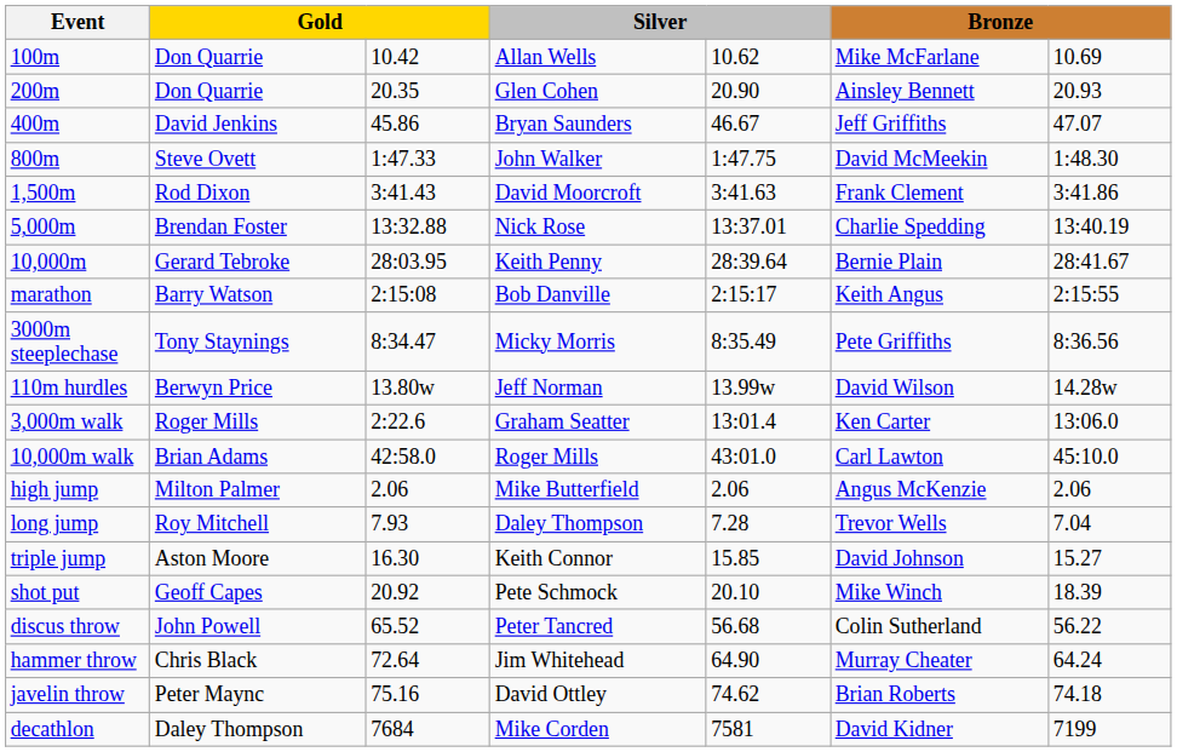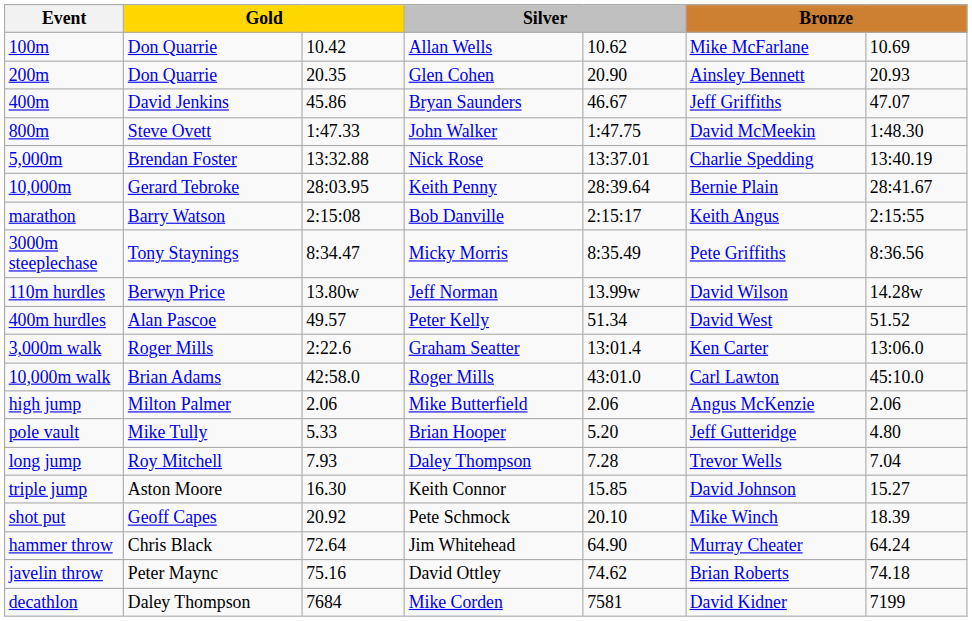 <table class="wikitable" style="text-align:left">
 <tr>
 <th width=100>Event</th>
 <th colspan="2" width="280" style="background:gold;">Gold</th>
 <th colspan="2" width="280" style="background:silver;">Silver</th>
 <th colspan="2" width="280" style="background:#CD7F32;">Bronze</th>
 </tr>
 <tr>
 <td><a href='#'>100m</a></td>
 <td> <a href='#'>Don Quarrie</a></td>
 <td>10.42</td>
 <td> <a href='#'>Allan Wells</a></td>
 <td>10.62</td>
 <td><a href='#'>Mike McFarlane</a></td>
 <td>10.69</td>
 </tr>
 <tr>
 <td><a href='#'>200m</a></td>
 <td> <a href='#'>Don Quarrie</a></td>
 <td>20.35</td>
 <td><a href='#'>Glen Cohen</a></td>
 <td>20.90</td>
 <td><a href='#'>Ainsley Bennett</a></td>
 <td>20.93</td>
 </tr>
 <tr>
 <td><a href='#'>400m</a></td>
 <td> <a href='#'>David Jenkins</a></td>
 <td>45.86</td>
 <td> <a href='#'>Bryan Saunders</a></td>
 <td>46.67</td>
 <td><a href='#'>Jeff Griffiths</a></td>
 <td>47.07</td>
 </tr>
 <tr>
 <td><a href='#'>800m</a></td>
 <td><a href='#'>Steve Ovett</a></td>
 <td>1:47.33</td>
 <td> <a href='#'>John Walker</a></td>
 <td>1:47.75</td>
 <td> <a href='#'>David McMeekin</a></td>
 <td>1:48.30</td>
-</tr>
-<tr>
-<td><a href='#'>1,500m</a></td>
-<td> <a href='#'>Rod Dixon</a></td>
-<td>3:41.43</td>
-<td><a href='#'>David Moorcroft</a></td>
-<td>3:41.63</td>
-<td> <a href='#'>Frank Clement</a></td>
-<td>3:41.86</td>
 </tr>
 <tr>
 <td><a href='#'>5,000m</a></td>
 <td><a href='#'>Brendan Foster</a></td>
 <td>13:32.88</td>
 <td><a href='#'>Nick Rose</a></td>
 <td>13:37.01</td>
 <td><a href='#'>Charlie Spedding</a></td>
 <td>13:40.19</td>
 </tr>
 <tr>
 <td><a href='#'>10,000m</a></td>
 <td> <a href='#'>Gerard Tebroke</a></td>
 <td>28:03.95</td>
 <td><a href='#'>Keith Penny</a></td>
 <td>28:39.64</td>
 <td><a href='#'>Bernie Plain</a></td>
 <td>28:41.67</td>
 </tr>
 <tr>
 <td><a href='#'>marathon</a></td>
 <td><a href='#'>Barry Watson</a></td>
 <td>2:15:08</td>
 <td><a href='#'>Bob Danville</a></td>
 <td>2:15:17</td>
 <td><a href='#'>Keith Angus</a></td>
 <td>2:15:55</td>
 </tr>
 <tr>
 <td><a href='#'>3000m steeplechase</a></td>
 <td><a href='#'>Tony Staynings</a></td>
 <td>8:34.47</td>
 <td> <a href='#'>Micky Morris</a></td>
 <td>8:35.49</td>
 <td><a href='#'>Pete Griffiths</a></td>
 <td>8:36.56</td>
 </tr>
 <tr>
 <td><a href='#'>110m hurdles</a></td>
 <td> <a href='#'>Berwyn Price</a></td>
 <td>13.80w</td>
 <td><a href='#'>Jeff Norman</a></td>
 <td>13.99w</td>
 <td> <a href='#'>David Wilson</a></td>
 <td>14.28w</td>
 </tr>
 <tr>
+<td><a href='#'>400m hurdles</a></td>
+<td><a href='#'>Alan Pascoe</a></td>
+<td>49.57</td>
+<td><a href='#'>Peter Kelly</a></td>
+<td>51.34</td>
+<td><a href='#'>David West</a></td>
+<td>51.52</td>
+</tr>
+<tr>
 <td><a href='#'>3,000m walk</a></td>
 <td><a href='#'>Roger Mills</a></td>
 <td>2:22.6</td>
 <td> <a href='#'>Graham Seatter</a></td>
 <td>13:01.4</td>
 <td><a href='#'>Ken Carter</a></td>
 <td>13:06.0</td>
 </tr>
 <tr>
 <td><a href='#'>10,000m walk</a></td>
 <td><a href='#'>Brian Adams</a></td>
 <td>42:58.0</td>
 <td><a href='#'>Roger Mills</a></td>
 <td>43:01.0</td>
 <td><a href='#'>Carl Lawton</a></td>
 <td>45:10.0</td>
 </tr>
 <tr>
 <td><a href='#'>high jump</a></td>
 <td><a href='#'>Milton Palmer</a></td>
 <td>2.06</td>
 <td><a href='#'>Mike Butterfield</a></td>
 <td>2.06</td>
 <td> <a href='#'>Angus McKenzie</a></td>
 <td>2.06</td>
+</tr>
+<tr>
+<td><a href='#'>pole vault</a></td>
+<td> <a href='#'>Mike Tully</a></td>
+<td>5.33</td>
+<td><a href='#'>Brian Hooper</a></td>
+<td>5.20</td>
+<td><a href='#'>Jeff Gutteridge</a></td>
+<td>4.80</td>
 </tr>
 <tr>
 <td><a href='#'>long jump</a></td>
 <td><a href='#'>Roy Mitchell</a></td>
 <td>7.93</td>
 <td><a href='#'>Daley Thompson</a></td>
 <td>7.28</td>
 <td><a href='#'>Trevor Wells</a></td>
 <td>7.04</td>
 </tr>
 <tr>
 <td><a href='#'>triple jump</a></td>
 <td>Aston Moore</td>
 <td>16.30</td>
 <td>Keith Connor</td>
 <td>15.85</td>
 <td><a href='#'>David Johnson</a></td>
 <td>15.27</td>
 </tr>
 <tr>
 <td><a href='#'>shot put</a></td>
 <td><a href='#'>Geoff Capes</a></td>
 <td>20.92</td>
 <td> Pete Schmock</td>
 <td>20.10</td>
 <td><a href='#'>Mike Winch</a></td>
 <td>18.39</td>
 </tr>
 <tr>
-<td><a href='#'>discus throw</a></td>
-<td> <a href='#'>John Powell</a></td>
-<td>65.52</td>
-<td><a href='#'>Peter Tancred</a></td>
-<td>56.68</td>
-<td> Colin Sutherland</td>
-<td>56.22</td>
-</tr>
-<tr>
 <td><a href='#'>hammer throw</a></td>
 <td> Chris Black</td>
 <td>72.64</td>
 <td>Jim Whitehead</td>
 <td>64.90</td>
 <td> <a href='#'>Murray Cheater</a></td>
 <td>64.24</td>
 </tr>
 <tr>
 <td><a href='#'>javelin throw</a></td>
 <td> Peter Maync</td>
 <td>75.16</td>
 <td>David Ottley</td>
 <td>74.62</td>
 <td><a href='#'>Brian Roberts</a></td>
 <td>74.18</td>
 </tr>
 <tr>
 <td><a href='#'>decathlon</a></td>
 <td>Daley Thompson</td>
 <td>7684</td>
 <td><a href='#'>Mike Corden</a></td>
 <td>7581</td>
 <td> <a href='#'>David Kidner</a></td>
 <td>7199</td>
 </tr>
 </table>
